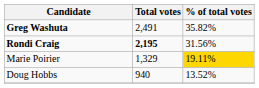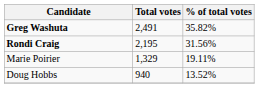 <table class="wikitable">
 <tr>
 <th bgcolor="#DDDDFF" width="200px">Candidate</th>
 <th bgcolor="#DDDDFF">Total votes</th>
 <th bgcolor="#DDDDFF">% of total votes</th>
 </tr>
 <tr>
 <td><strong>Greg Washuta</strong></td>
 <td>2,491</td>
 <td>35.82%</td>
 </tr>
 <tr>
 <td><strong>Rondi Craig</strong></td>
-<td><strong>2,195</strong></td>
+<td>2,195</td>
 <td>31.56%</td>
 </tr>
 <tr>
 <td>Marie Poirier</td>
 <td>1,329</td>
-<td style="background: gold;">19.11%</td>
+<td>19.11%</td>
 </tr>
 <tr>
 <td>Doug Hobbs</td>
 <td>940</td>
 <td>13.52%</td>
 </tr>
 <tr>
 </tr>
 </table>
